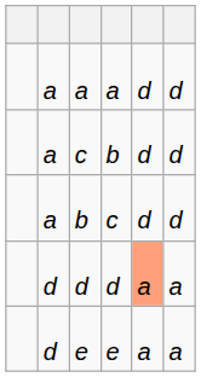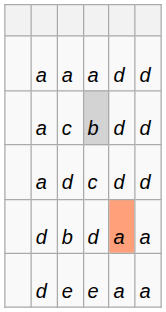 <table class="wikitable" border="1" width="20%" style="margin:1em auto;">
 <tr>
 <th>   </th>
 <th>   </th>
 <th>   </th>
 <th>   </th>
 <th>   </th>
 <th>   </th>
 </tr>
 <tr>
 <td>   </td>
 <td>  <em>a</em></td>
 <td>  <em>a</em></td>
 <td>  <em>a</em></td>
 <td>  <em>d</em></td>
 <td>  <em>d</em></td>
 </tr>
 <tr>
 <td>   </td>
 <td>  <em>a</em></td>
 <td>  <em>c</em></td>
-<td>  <em>b</em></td>
+<td style="background: lightgrey;">  <em>b</em></td>
 <td>  <em>d</em></td>
 <td>  <em>d</em></td>
 </tr>
 <tr>
 <td>   </td>
 <td>  <em>a</em></td>
-<td>  <em>b</em></td>
+<td>  <em>d</em></td>
 <td>  <em>c</em></td>
 <td>  <em>d</em></td>
 <td>  <em>d</em></td>
 </tr>
 <tr>
 <td>   </td>
 <td>  <em>d</em></td>
-<td>  <em>d</em></td>
+<td>  <em>b</em></td>
 <td>  <em>d</em></td>
 <td style="background: lightsalmon;">  <em>a</em></td>
 <td>  <em>a</em></td>
 </tr>
 <tr>
 <td>   </td>
 <td>  <em>d</em></td>
 <td>  <em>e</em></td>
 <td>  <em>e</em></td>
 <td>  <em>a</em></td>
 <td>  <em>a</em></td>
 </tr>
 </table>
